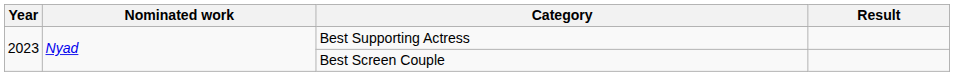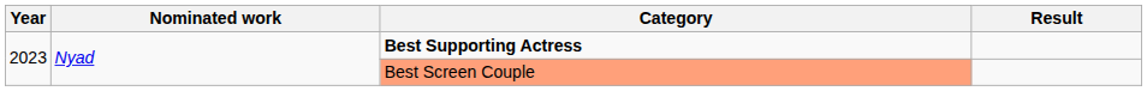 <table class=wikitable>
 <tr>
 <th width=4%>Year</th>
 <th width=29%>Nominated work</th>
 <th width=52%>Category</th>
 <th width=15%>Result</th>
 </tr>
 <tr>
 <td rowspan=2>2023</td>
 <td rowspan=2><em><a href='#'>Nyad</a></em></td>
-<td>Best Supporting Actress</td>
+<td><strong>Best Supporting Actress</strong></td>
 <td></td>
 </tr>
 <tr>
-<td>Best Screen Couple</td>
+<td style="background: lightsalmon;">Best Screen Couple</td>
 <td></td>
 </tr>
 </table>
